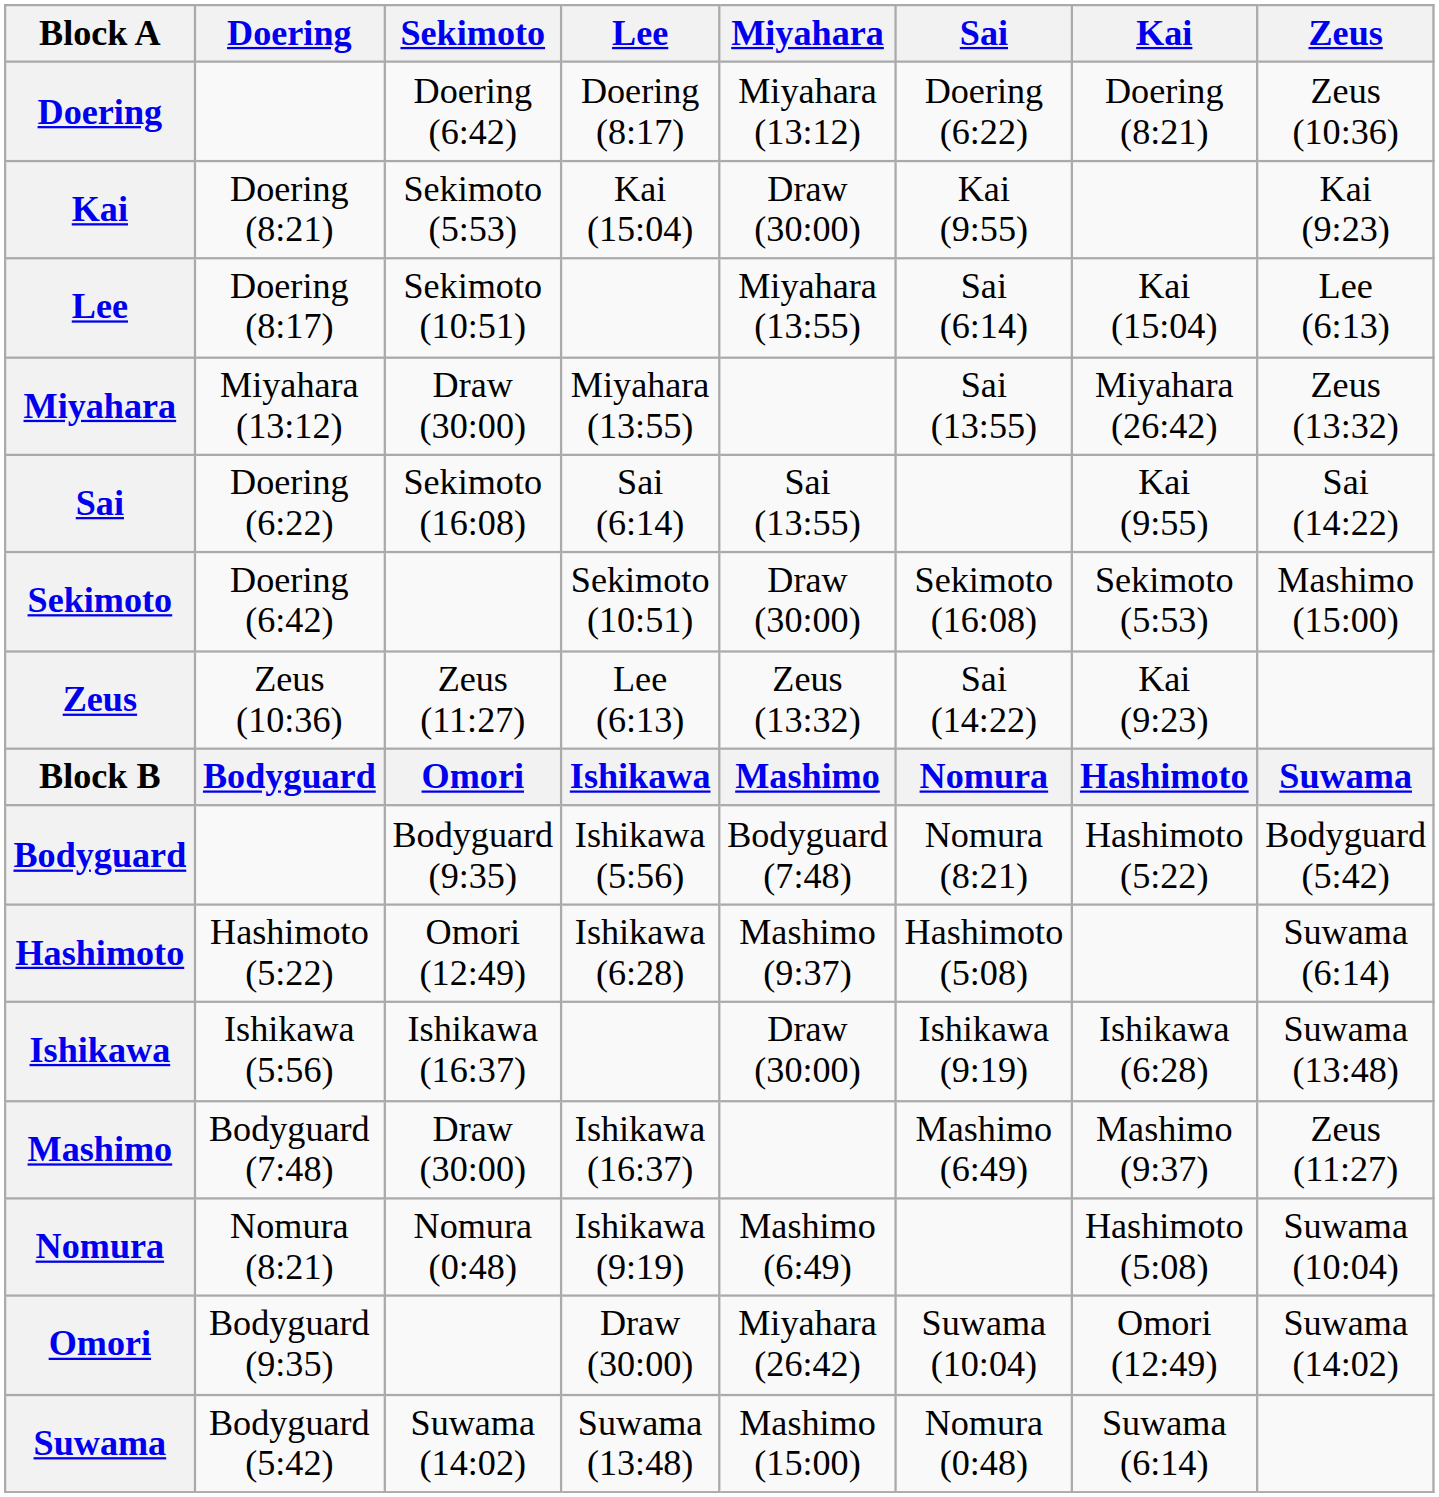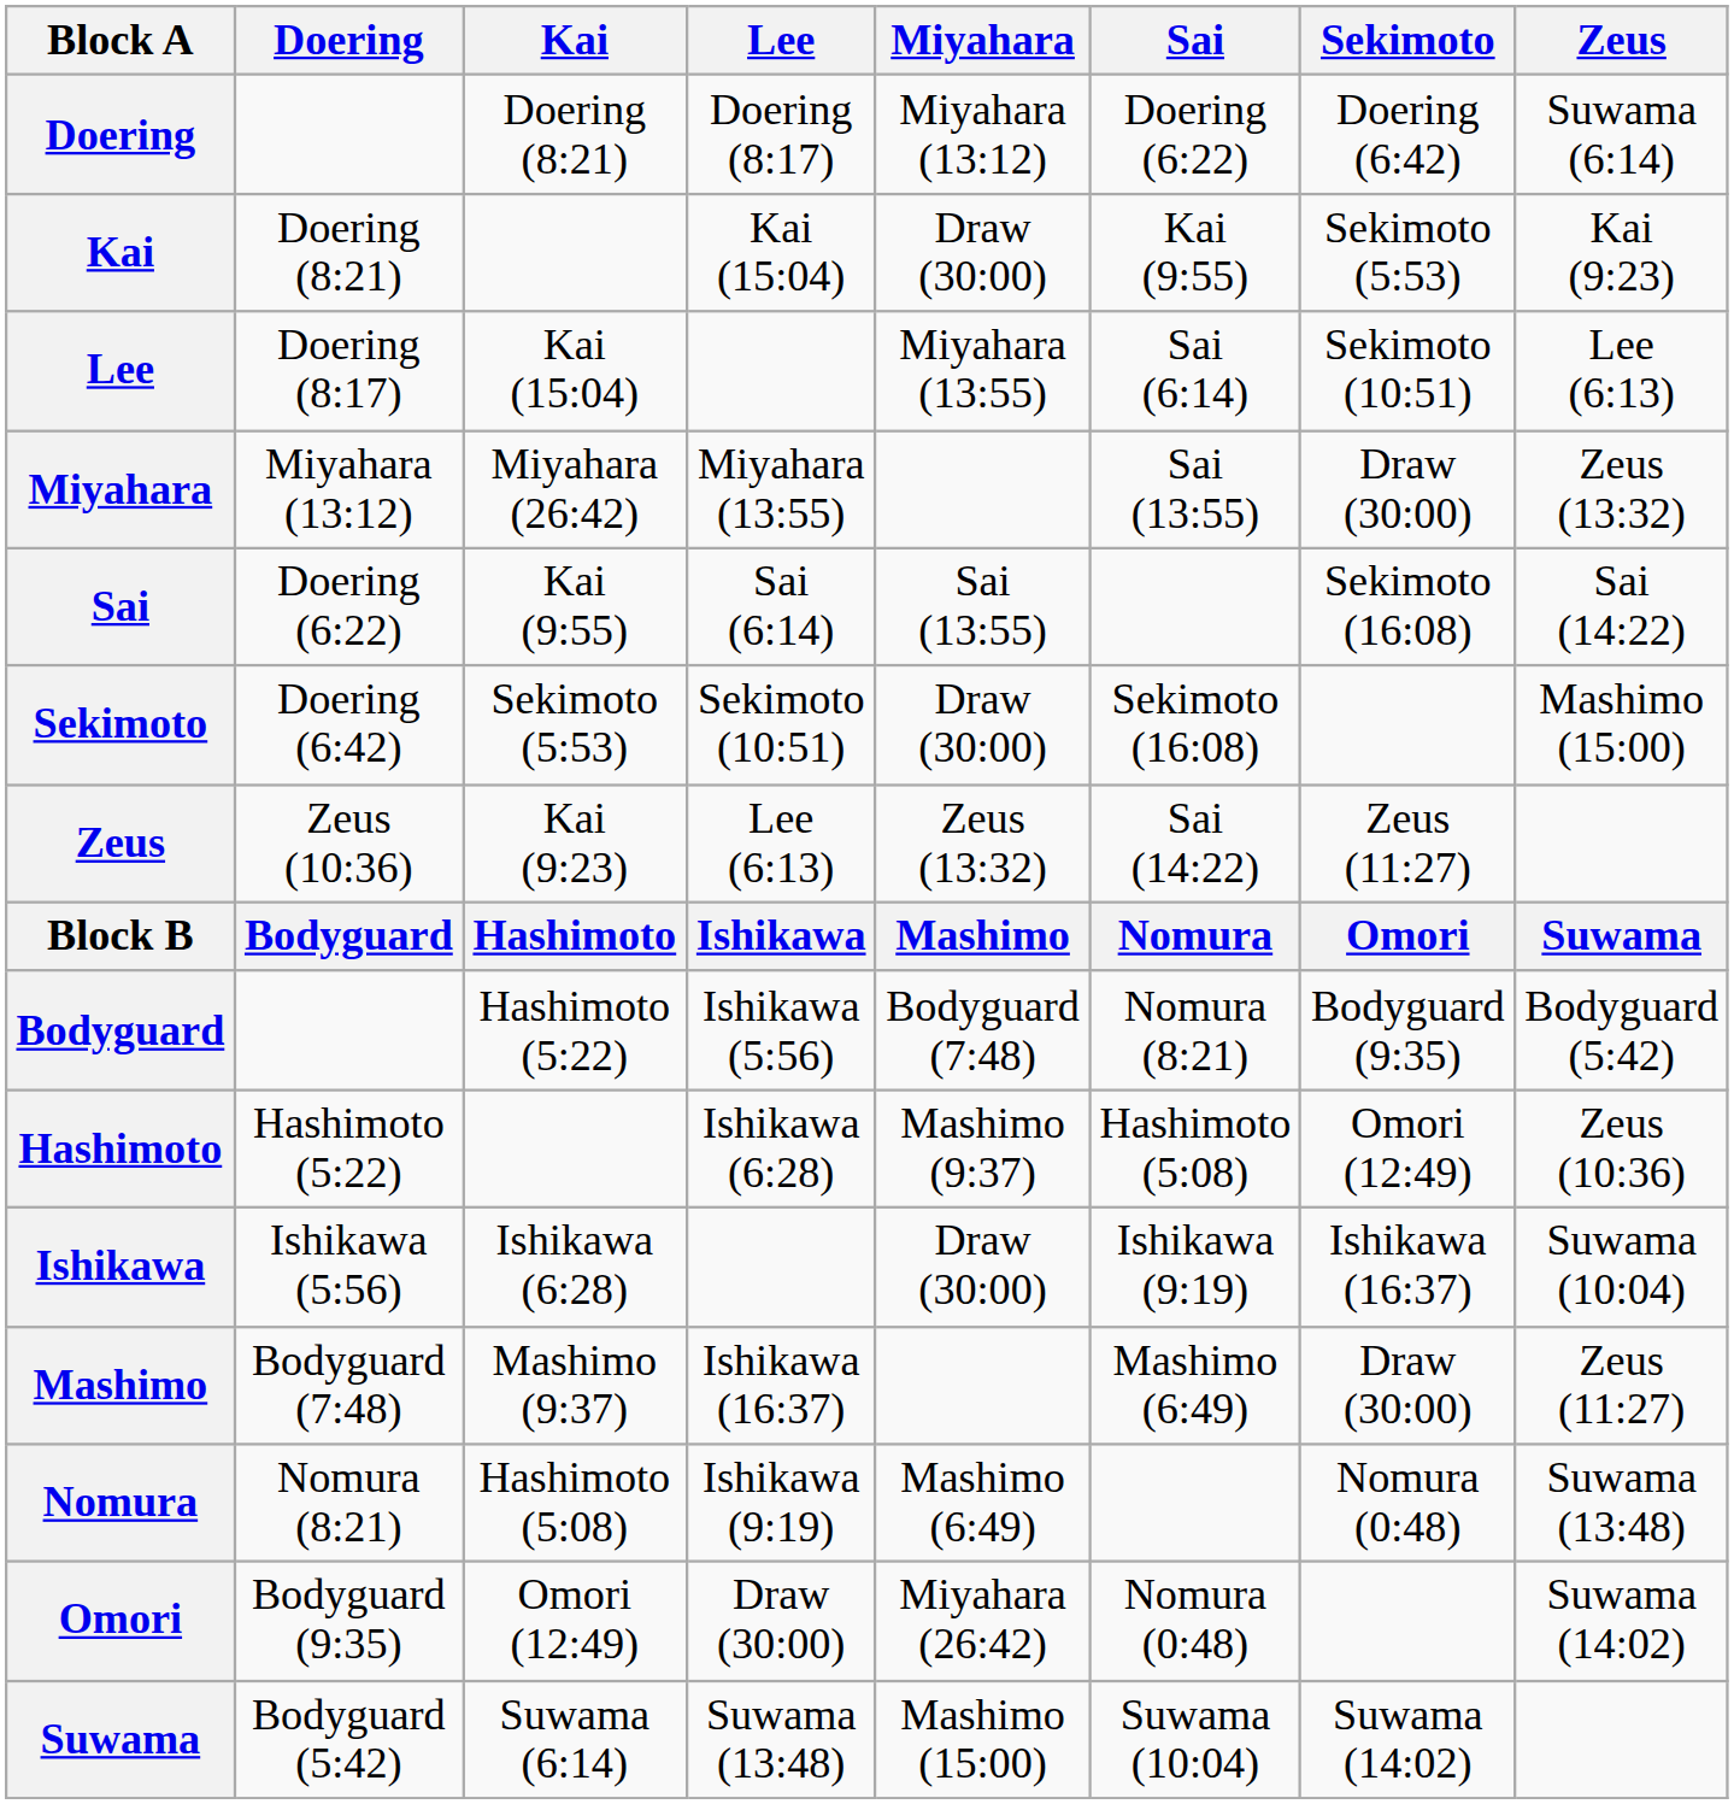 <table class="wikitable" align=center style="margin: 1em auto 1em auto; text-align:center;">
 <tr>
 <th>Block A</th>
 <th><a href='#'>Doering</a></th>
-<th><a href='#'>Sekimoto</a></th>
+<th><a href='#'>Kai</a></th>
 <th><a href='#'>Lee</a></th>
 <th><a href='#'>Miyahara</a></th>
 <th><a href='#'>Sai</a></th>
-<th><a href='#'>Kai</a></th>
+<th><a href='#'>Sekimoto</a></th>
 <th><a href='#'>Zeus</a></th>
 </tr>
 <tr>
 <th><a href='#'>Doering</a></th>
 <td></td>
-<td>Doering<br>(6:42)</td>
+<td>Doering<br>(8:21)</td>
 <td>Doering<br>(8:17)</td>
 <td>Miyahara<br>(13:12)</td>
 <td>Doering<br>(6:22)</td>
-<td>Doering<br>(8:21)</td>
-<td>Zeus<br>(10:36)</td>
+<td>Doering<br>(6:42)</td>
+<td>Suwama<br>(6:14)</td>
 </tr>
 <tr>
 <th><a href='#'>Kai</a></th>
 <td>Doering<br>(8:21)</td>
-<td>Sekimoto<br>(5:53)</td>
+<td></td>
 <td>Kai<br>(15:04)</td>
 <td>Draw<br>(30:00)</td>
 <td>Kai<br>(9:55)</td>
-<td></td>
+<td>Sekimoto<br>(5:53)</td>
 <td>Kai<br>(9:23)</td>
 </tr>
 <tr>
 <th><a href='#'>Lee</a></th>
 <td>Doering<br>(8:17)</td>
-<td>Sekimoto<br>(10:51)</td>
+<td>Kai<br>(15:04)</td>
 <td></td>
 <td>Miyahara<br>(13:55)</td>
 <td>Sai<br>(6:14)</td>
-<td>Kai<br>(15:04)</td>
+<td>Sekimoto<br>(10:51)</td>
 <td>Lee<br>(6:13)</td>
 </tr>
 <tr>
 <th><a href='#'>Miyahara</a></th>
 <td>Miyahara<br>(13:12)</td>
-<td>Draw<br>(30:00)</td>
+<td>Miyahara<br>(26:42)</td>
 <td>Miyahara<br>(13:55)</td>
 <td></td>
 <td>Sai<br>(13:55)</td>
-<td>Miyahara<br>(26:42)</td>
+<td>Draw<br>(30:00)</td>
 <td>Zeus<br>(13:32)</td>
 </tr>
 <tr>
 <th><a href='#'>Sai</a></th>
 <td>Doering<br>(6:22)</td>
-<td>Sekimoto<br>(16:08)</td>
+<td>Kai<br>(9:55)</td>
 <td>Sai<br>(6:14)</td>
 <td>Sai<br>(13:55)</td>
 <td></td>
-<td>Kai<br>(9:55)</td>
+<td>Sekimoto<br>(16:08)</td>
 <td>Sai<br>(14:22)</td>
 </tr>
 <tr>
 <th><a href='#'>Sekimoto</a></th>
 <td>Doering<br>(6:42)</td>
-<td></td>
+<td>Sekimoto<br>(5:53)</td>
 <td>Sekimoto<br>(10:51)</td>
 <td>Draw<br>(30:00)</td>
 <td>Sekimoto<br>(16:08)</td>
-<td>Sekimoto<br>(5:53)</td>
+<td></td>
 <td>Mashimo<br>(15:00)</td>
 </tr>
 <tr>
 <th><a href='#'>Zeus</a></th>
 <td>Zeus<br>(10:36)</td>
-<td>Zeus<br>(11:27)</td>
+<td>Kai<br>(9:23)</td>
 <td>Lee<br>(6:13)</td>
 <td>Zeus<br>(13:32)</td>
 <td>Sai<br>(14:22)</td>
-<td>Kai<br>(9:23)</td>
+<td>Zeus<br>(11:27)</td>
 <td></td>
 </tr>
 <tr>
 <th>Block B</th>
 <th><a href='#'>Bodyguard</a></th>
-<th><a href='#'>Omori</a></th>
+<th><a href='#'>Hashimoto</a></th>
 <th><a href='#'>Ishikawa</a></th>
 <th><a href='#'>Mashimo</a></th>
 <th><a href='#'>Nomura</a></th>
-<th><a href='#'>Hashimoto</a></th>
+<th><a href='#'>Omori</a></th>
 <th><a href='#'>Suwama</a></th>
 </tr>
 <tr>
 <th><a href='#'>Bodyguard</a></th>
 <td></td>
-<td>Bodyguard<br>(9:35)</td>
+<td>Hashimoto<br>(5:22)</td>
 <td>Ishikawa<br>(5:56)</td>
 <td>Bodyguard<br>(7:48)</td>
 <td>Nomura<br>(8:21)</td>
-<td>Hashimoto<br>(5:22)</td>
+<td>Bodyguard<br>(9:35)</td>
 <td>Bodyguard<br>(5:42)</td>
 </tr>
 <tr>
 <th><a href='#'>Hashimoto</a></th>
 <td>Hashimoto<br>(5:22)</td>
-<td>Omori<br>(12:49)</td>
+<td></td>
 <td>Ishikawa<br>(6:28)</td>
 <td>Mashimo<br>(9:37)</td>
 <td>Hashimoto<br>(5:08)</td>
-<td></td>
-<td>Suwama<br>(6:14)</td>
+<td>Omori<br>(12:49)</td>
+<td>Zeus<br>(10:36)</td>
 </tr>
 <tr>
 <th><a href='#'>Ishikawa</a></th>
 <td>Ishikawa<br>(5:56)</td>
-<td>Ishikawa<br>(16:37)</td>
+<td>Ishikawa<br>(6:28)</td>
 <td></td>
 <td>Draw<br>(30:00)</td>
 <td>Ishikawa<br>(9:19)</td>
-<td>Ishikawa<br>(6:28)</td>
-<td>Suwama<br>(13:48)</td>
+<td>Ishikawa<br>(16:37)</td>
+<td>Suwama<br>(10:04)</td>
 </tr>
 <tr>
 <th><a href='#'>Mashimo</a></th>
 <td>Bodyguard<br>(7:48)</td>
-<td>Draw<br>(30:00)</td>
+<td>Mashimo<br>(9:37)</td>
 <td>Ishikawa<br>(16:37)</td>
 <td></td>
 <td>Mashimo<br>(6:49)</td>
-<td>Mashimo<br>(9:37)</td>
+<td>Draw<br>(30:00)</td>
 <td>Zeus<br>(11:27)</td>
 </tr>
 <tr>
 <th><a href='#'>Nomura</a></th>
 <td>Nomura<br>(8:21)</td>
-<td>Nomura<br>(0:48)</td>
+<td>Hashimoto<br>(5:08)</td>
 <td>Ishikawa<br>(9:19)</td>
 <td>Mashimo<br>(6:49)</td>
 <td></td>
-<td>Hashimoto<br>(5:08)</td>
-<td>Suwama<br>(10:04)</td>
+<td>Nomura<br>(0:48)</td>
+<td>Suwama<br>(13:48)</td>
 </tr>
 <tr>
 <th><a href='#'>Omori</a></th>
 <td>Bodyguard<br>(9:35)</td>
-<td></td>
+<td>Omori<br>(12:49)</td>
 <td>Draw<br>(30:00)</td>
 <td>Miyahara<br>(26:42)</td>
-<td>Suwama<br>(10:04)</td>
-<td>Omori<br>(12:49)</td>
+<td>Nomura<br>(0:48)</td>
+<td></td>
 <td>Suwama<br>(14:02)</td>
 </tr>
 <tr>
 <th><a href='#'>Suwama</a></th>
 <td>Bodyguard<br>(5:42)</td>
-<td>Suwama<br>(14:02)</td>
+<td>Suwama<br>(6:14)</td>
 <td>Suwama<br>(13:48)</td>
 <td>Mashimo<br>(15:00)</td>
-<td>Nomura<br>(0:48)</td>
-<td>Suwama<br>(6:14)</td>
+<td>Suwama<br>(10:04)</td>
+<td>Suwama<br>(14:02)</td>
 <td></td>
 </tr>
 </table>
